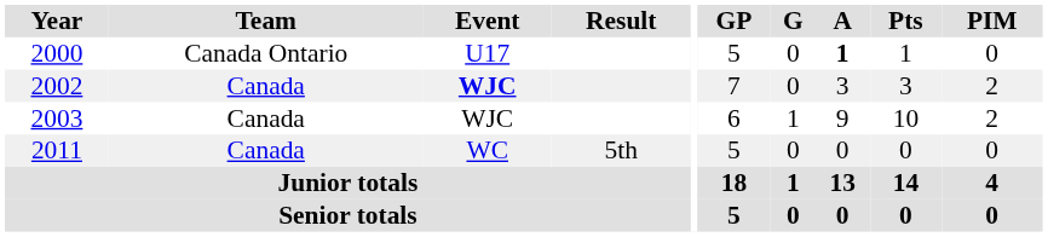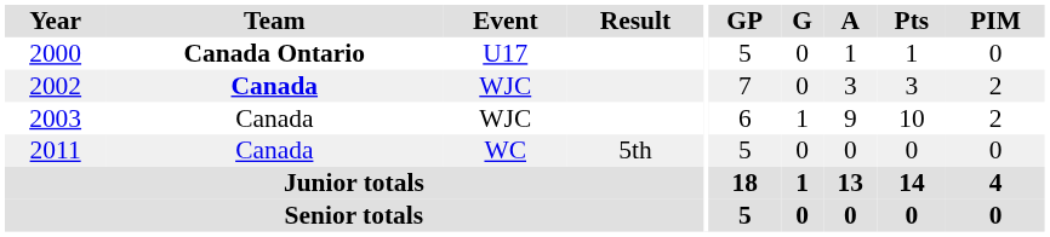 <table border="0" cellpadding="1" cellspacing="0" ID="Table3" style="text-align:center; width:40em">
 <tr ALIGN="center" bgcolor="#e0e0e0">
 <th>Year</th>
 <th>Team</th>
 <th>Event</th>
 <th>Result</th>
 <th rowspan="99" bgcolor="#ffffff"></th>
 <th>GP</th>
 <th>G</th>
 <th>A</th>
 <th>Pts</th>
 <th>PIM</th>
 </tr>
 <tr>
 <td><a href='#'>2000</a></td>
-<td>Canada Ontario</td>
+<td><strong>Canada Ontario</strong></td>
 <td><a href='#'>U17</a></td>
 <td></td>
 <td>5</td>
 <td>0</td>
-<td><strong>1</strong></td>
+<td>1</td>
 <td>1</td>
 <td>0</td>
 </tr>
 <tr bgcolor="#f0f0f0">
 <td><a href='#'>2002</a></td>
-<td><a href='#'>Canada</a></td>
-<td><strong><a href='#'>WJC</a></strong></td>
+<td><strong><a href='#'>Canada</a></strong></td>
+<td><a href='#'>WJC</a></td>
 <td></td>
 <td>7</td>
 <td>0</td>
 <td>3</td>
 <td>3</td>
 <td>2</td>
 </tr>
 <tr>
 <td><a href='#'>2003</a></td>
 <td>Canada</td>
 <td>WJC</td>
 <td></td>
 <td>6</td>
 <td>1</td>
 <td>9</td>
 <td>10</td>
 <td>2</td>
 </tr>
 <tr bgcolor="#f0f0f0">
 <td><a href='#'>2011</a></td>
 <td><a href='#'>Canada</a></td>
 <td><a href='#'>WC</a></td>
 <td>5th</td>
 <td>5</td>
 <td>0</td>
 <td>0</td>
 <td>0</td>
 <td>0</td>
 </tr>
 <tr bgcolor="#e0e0e0">
 <th colspan="4">Junior totals</th>
 <th>18</th>
 <th>1</th>
 <th>13</th>
 <th>14</th>
 <th>4</th>
 </tr>
 <tr bgcolor="#e0e0e0">
 <th colspan="4">Senior totals</th>
 <th>5</th>
 <th>0</th>
 <th>0</th>
 <th>0</th>
 <th>0</th>
 </tr>
 </table>
